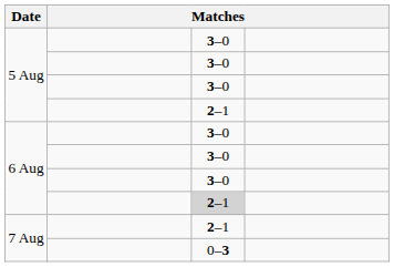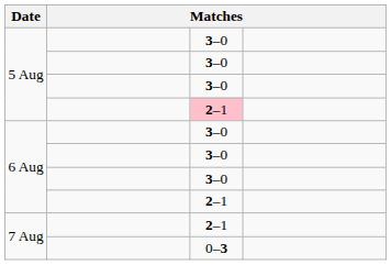 <table class="wikitable">
 <tr>
 <th>Date</th>
 <th colspan=3>Matches</th>
 </tr>
 <tr>
 <td rowspan=4>5 Aug</td>
 <td width=150><strong></strong></td>
 <td style="width:50px" align=center><strong>3</strong>–0</td>
 <td width=150></td>
 </tr>
 <tr>
 <td width=150><strong></strong></td>
 <td style="width:50px" align=center><strong>3</strong>–0</td>
 <td width=150></td>
 </tr>
 <tr>
 <td width=150><strong></strong></td>
 <td style="width:50px" align=center><strong>3</strong>–0</td>
 <td width=150></td>
 </tr>
 <tr>
 <td width=150><strong></strong></td>
-<td style="width:50px" align=center><strong>2</strong>–1</td>
+<td style="background: pink; width:50px" align=center><strong>2</strong>–1</td>
 <td width=150></td>
 </tr>
 <tr>
 <td rowspan=4>6 Aug</td>
 <td width=150><strong></strong></td>
 <td style="width:50px" align=center><strong>3</strong>–0</td>
 <td width=150></td>
 </tr>
 <tr>
 <td width=150><strong></strong></td>
 <td style="width:50px" align=center><strong>3</strong>–0</td>
 <td width=150></td>
 </tr>
 <tr>
 <td width=150><strong></strong></td>
 <td style="width:50px" align=center><strong>3</strong>–0</td>
 <td width=150></td>
 </tr>
 <tr>
 <td width=150><strong></strong></td>
-<td style="background: lightgrey; width:50px" align=center><strong>2</strong>–1</td>
+<td style="width:50px" align=center><strong>2</strong>–1</td>
 <td width=150></td>
 </tr>
 <tr>
 <td rowspan=2>7 Aug</td>
 <td width=150><strong></strong></td>
 <td style="width:50px" align=center><strong>2</strong>–1</td>
 <td width=150></td>
 </tr>
 <tr>
 <td width=150></td>
 <td style="width:50px" align=center>0–<strong>3</strong></td>
 <td width=150><strong></strong></td>
 </tr>
 </table>
